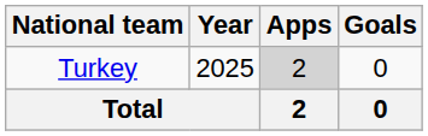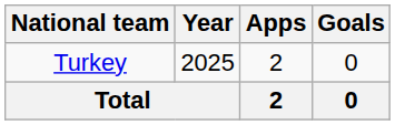 <table class="wikitable" style="text-align:center">
 <tr>
 <th>National team</th>
 <th>Year</th>
 <th>Apps</th>
 <th>Goals</th>
 </tr>
 <tr>
 <td rowspan="1"><a href='#'>Turkey</a></td>
 <td>2025</td>
-<td style="background: lightgrey;">2</td>
+<td>2</td>
 <td>0</td>
 </tr>
 <tr>
 <th colspan="2">Total</th>
 <th>2</th>
 <th>0</th>
 </tr>
 </table>
